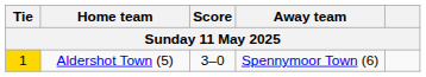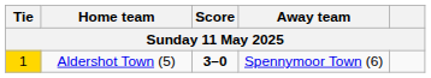 <table class="wikitable" style="text-align:center; font-size:90%">
 <tr>
 <th scope="col" style="width:  8.43%;">Tie</th>
 <th scope="col" style="width: 35.29%;">Home team</th>
 <th scope="col" style="width: 11.00%;">Score</th>
 <th scope="col" style="width: 35.29%;">Away team</th>
 <th scope="col" style="width:  8.43%;"></th>
 </tr>
 <tr>
 <th colspan="5"><strong>Sunday 11 May 2025</strong></th>
 </tr>
 <tr>
 <td style="background: gold;">1</td>
 <td><a href='#'>Aldershot Town</a> (5)</td>
-<td>3–0</td>
+<td><strong>3–0</strong></td>
 <td><a href='#'>Spennymoor Town</a> (6)</td>
 <td></td>
 </tr>
 </table>
